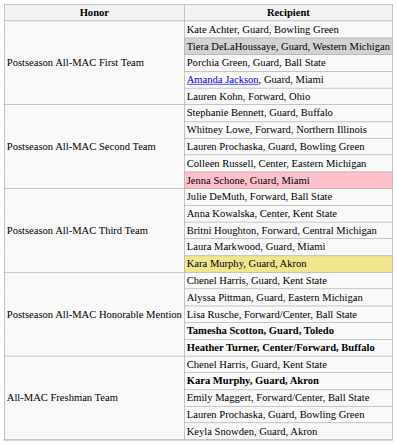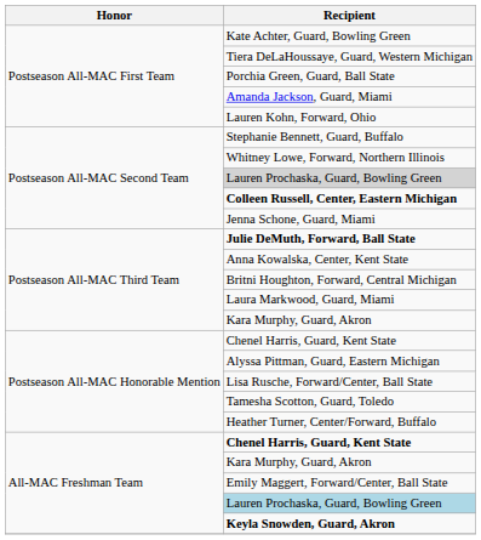 <table class="wikitable" border="1">
 <tr>
 <th>Honor</th>
 <th>Recipient</th>
 </tr>
 <tr>
 <td rowspan=5 valign=middle>Postseason All-MAC First Team</td>
 <td>Kate Achter, Guard, Bowling Green</td>
 </tr>
 <tr>
-<td style="background: lightgrey;">Tiera DeLaHoussaye, Guard, Western Michigan</td>
+<td>Tiera DeLaHoussaye, Guard, Western Michigan</td>
 </tr>
 <tr>
 <td>Porchia Green, Guard, Ball State</td>
 </tr>
 <tr>
 <td><a href='#'>Amanda Jackson</a>, Guard, Miami</td>
 </tr>
 <tr>
 <td>Lauren Kohn, Forward, Ohio</td>
 </tr>
 <tr>
 <td rowspan=5 valign=middle>Postseason All-MAC Second Team</td>
 <td>Stephanie Bennett, Guard, Buffalo</td>
 </tr>
 <tr>
 <td>Whitney Lowe, Forward, Northern Illinois</td>
 </tr>
 <tr>
-<td>Lauren Prochaska, Guard, Bowling Green</td>
+<td style="background: lightgrey;">Lauren Prochaska, Guard, Bowling Green</td>
 </tr>
 <tr>
-<td>Colleen Russell, Center, Eastern Michigan</td>
+<td><strong>Colleen Russell, Center, Eastern Michigan</strong></td>
 </tr>
 <tr>
-<td style="background: pink;">Jenna Schone, Guard, Miami</td>
+<td>Jenna Schone, Guard, Miami</td>
 </tr>
 <tr>
 <td rowspan=5 valign=middle>Postseason All-MAC Third Team</td>
-<td>Julie DeMuth, Forward, Ball State</td>
+<td><strong>Julie DeMuth, Forward, Ball State</strong></td>
 </tr>
 <tr>
 <td>Anna Kowalska, Center, Kent State</td>
 </tr>
 <tr>
 <td>Britni Houghton, Forward, Central Michigan</td>
 </tr>
 <tr>
 <td>Laura Markwood, Guard, Miami</td>
 </tr>
 <tr>
-<td style="background: khaki;">Kara Murphy, Guard, Akron</td>
+<td>Kara Murphy, Guard, Akron</td>
 </tr>
 <tr>
 <td rowspan=5 valign=middle>Postseason All-MAC Honorable Mention</td>
 <td>Chenel Harris, Guard, Kent State</td>
 </tr>
 <tr>
 <td>Alyssa Pittman, Guard, Eastern Michigan</td>
 </tr>
 <tr>
 <td>Lisa Rusche, Forward/Center, Ball State</td>
 </tr>
 <tr>
-<td><strong>Tamesha Scotton, Guard, Toledo</strong></td>
+<td>Tamesha Scotton, Guard, Toledo</td>
 </tr>
 <tr>
-<td><strong>Heather Turner, Center/Forward, Buffalo</strong></td>
+<td>Heather Turner, Center/Forward, Buffalo</td>
 </tr>
 <tr>
 <td rowspan=5 valign=middle>All-MAC Freshman Team</td>
-<td>Chenel Harris, Guard, Kent State</td>
+<td><strong>Chenel Harris, Guard, Kent State</strong></td>
 </tr>
 <tr>
-<td><strong>Kara Murphy, Guard, Akron</strong></td>
+<td>Kara Murphy, Guard, Akron</td>
 </tr>
 <tr>
 <td>Emily Maggert, Forward/Center, Ball State</td>
 </tr>
 <tr>
-<td>Lauren Prochaska, Guard, Bowling Green</td>
+<td style="background: lightblue;">Lauren Prochaska, Guard, Bowling Green</td>
 </tr>
 <tr>
-<td>Keyla Snowden, Guard, Akron</td>
+<td><strong>Keyla Snowden, Guard, Akron</strong></td>
 </tr>
 <tr>
 </tr>
 </table>
